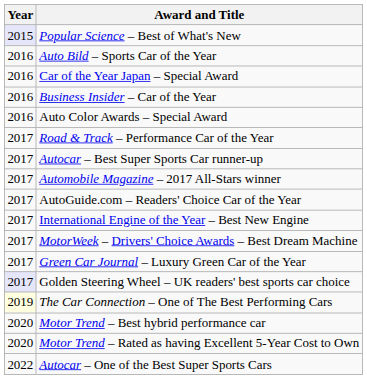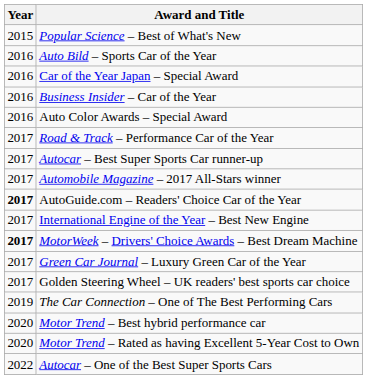 <table class="wikitable sortable">
 <tr>
 <th>Year</th>
 <th>Award and Title</th>
 </tr>
 <tr>
-<td style="background: lavender;">2015</td>
+<td>2015</td>
 <td><em><a href='#'>Popular Science</a></em> – Best of What's New</td>
 </tr>
 <tr>
 <td>2016</td>
 <td><em><a href='#'>Auto Bild</a></em> – Sports Car of the Year</td>
 </tr>
 <tr>
 <td>2016</td>
 <td><a href='#'>Car of the Year Japan</a> – Special Award</td>
 </tr>
 <tr>
 <td>2016</td>
 <td><em><a href='#'>Business Insider</a></em> – Car of the Year</td>
 </tr>
 <tr>
 <td>2016</td>
 <td>Auto Color Awards – Special Award</td>
 </tr>
 <tr>
 <td>2017</td>
 <td><em><a href='#'>Road & Track</a></em> – Performance Car of the Year</td>
 </tr>
 <tr>
 <td>2017</td>
 <td><em><a href='#'>Autocar</a></em> – Best Super Sports Car runner-up</td>
 </tr>
 <tr>
 <td>2017</td>
 <td><em><a href='#'>Automobile Magazine</a></em> – 2017 All-Stars winner</td>
 </tr>
 <tr>
-<td>2017</td>
+<td><strong>2017</strong></td>
 <td>AutoGuide.com – Readers' Choice Car of the Year</td>
 </tr>
 <tr>
 <td>2017</td>
 <td><a href='#'>International Engine of the Year</a> – Best New Engine</td>
 </tr>
 <tr>
-<td>2017</td>
+<td><strong>2017</strong></td>
 <td><em><a href='#'>MotorWeek</a></em> – <a href='#'>Drivers' Choice Awards</a> – Best Dream Machine</td>
 </tr>
 <tr>
 <td>2017</td>
 <td><em><a href='#'>Green Car Journal</a></em> – Luxury Green Car of the Year</td>
 </tr>
 <tr>
-<td style="background: lavender;">2017</td>
+<td>2017</td>
 <td>Golden Steering Wheel – UK readers' best sports car choice</td>
 </tr>
 <tr>
-<td style="background: lightyellow;">2019</td>
+<td>2019</td>
 <td><em>The Car Connection</em> – One of The Best Performing Cars</td>
 </tr>
 <tr>
 <td>2020</td>
 <td><em><a href='#'>Motor Trend</a></em> – Best hybrid performance car</td>
 </tr>
 <tr>
 <td>2020</td>
 <td><em><a href='#'>Motor Trend</a></em> – Rated as having Excellent 5-Year Cost to Own</td>
 </tr>
 <tr>
 <td>2022</td>
 <td><em><a href='#'>Autocar</a></em> – One of the Best Super Sports Cars</td>
 </tr>
 </table>
